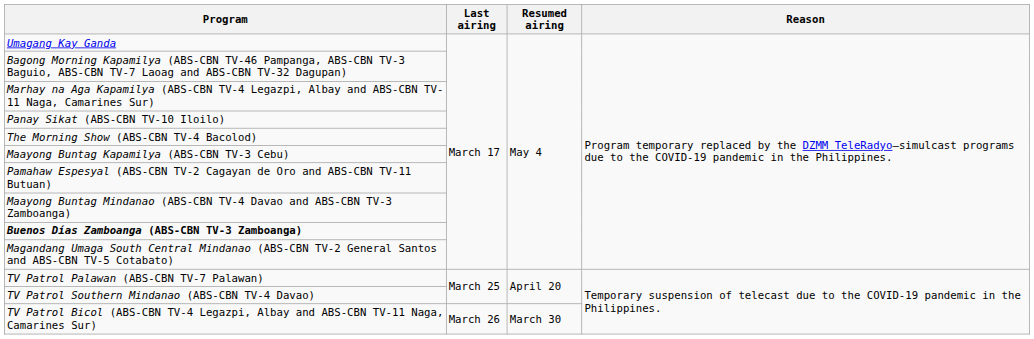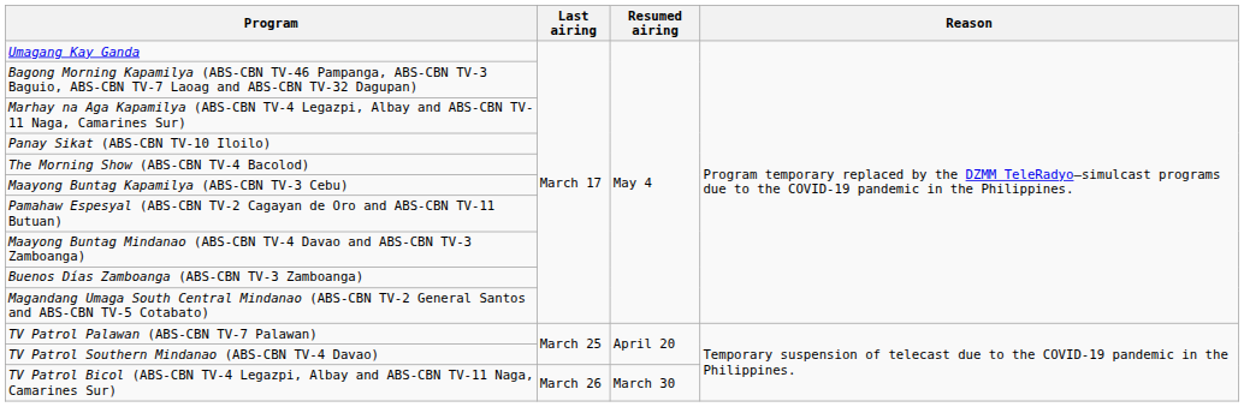 <table class="wikitable">
 <tr>
 <th>Program</th>
 <th>Last airing</th>
 <th>Resumed airing</th>
 <th>Reason</th>
 </tr>
 <tr>
 <td><em><a href='#'>Umagang Kay Ganda</a></em></td>
 <td rowspan=10>March 17</td>
 <td rowspan=10>May 4</td>
 <td rowspan=10>Program temporary replaced by the <a href='#'>DZMM TeleRadyo</a>–simulcast programs due to the COVID-19 pandemic in the Philippines.</td>
 </tr>
 <tr>
 <td><em>Bagong Morning Kapamilya</em> (ABS-CBN TV-46 Pampanga, ABS-CBN TV-3 Baguio, ABS-CBN TV-7 Laoag and ABS-CBN TV-32 Dagupan)</td>
 </tr>
 <tr>
 <td><em>Marhay na Aga Kapamilya</em> (ABS-CBN TV-4 Legazpi, Albay and ABS-CBN TV-11 Naga, Camarines Sur)</td>
 </tr>
 <tr>
 <td><em>Panay Sikat</em> (ABS-CBN TV-10 Iloilo)</td>
 </tr>
 <tr>
 <td><em>The Morning Show</em> (ABS-CBN TV-4 Bacolod)</td>
 </tr>
 <tr>
 <td><em>Maayong Buntag Kapamilya</em> (ABS-CBN TV-3 Cebu)</td>
 </tr>
 <tr>
 <td><em>Pamahaw Espesyal</em> (ABS-CBN TV-2 Cagayan de Oro and ABS-CBN TV-11 Butuan)</td>
 </tr>
 <tr>
 <td><em>Maayong Buntag Mindanao</em> (ABS-CBN TV-4 Davao and ABS-CBN TV-3 Zamboanga)</td>
 </tr>
 <tr>
-<td><strong><em>Buenos Días Zamboanga</em> (ABS-CBN TV-3 Zamboanga)</strong></td>
+<td><em>Buenos Días Zamboanga</em> (ABS-CBN TV-3 Zamboanga)</td>
 </tr>
 <tr>
 <td><em>Magandang Umaga South Central Mindanao</em> (ABS-CBN TV-2 General Santos and ABS-CBN TV-5 Cotabato)</td>
 </tr>
 <tr>
 <td><em>TV Patrol Palawan</em> (ABS-CBN TV-7 Palawan)</td>
 <td rowspan=2>March 25</td>
 <td rowspan=2>April 20</td>
 <td rowspan=3>Temporary suspension of telecast due to the COVID-19 pandemic in the Philippines.</td>
 </tr>
 <tr>
 <td><em>TV Patrol Southern Mindanao</em> (ABS-CBN TV-4 Davao)</td>
 </tr>
 <tr>
 <td><em>TV Patrol Bicol</em> (ABS-CBN TV-4 Legazpi, Albay and ABS-CBN TV-11 Naga, Camarines Sur)</td>
 <td>March 26</td>
 <td>March 30</td>
 </tr>
 </table>
